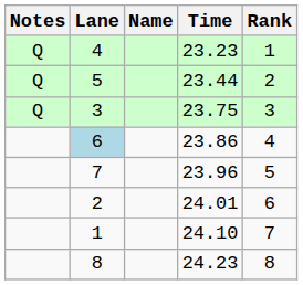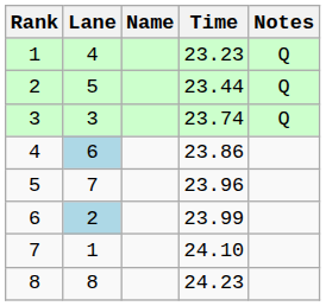 <table class="wikitable sortable" style="text-align:center">
 <tr>
-<th>Notes</th>
+<th>Rank</th>
 <th>Lane</th>
 <th>Name</th>
 <th>Time</th>
-<th>Rank</th>
+<th>Notes</th>
 </tr>
 <tr bgcolor=ccffcc>
-<td>Q</td>
+<td>1</td>
 <td>4</td>
 <td align=left></td>
 <td>23.23</td>
-<td>1</td>
+<td>Q</td>
 </tr>
 <tr bgcolor=ccffcc>
-<td>Q</td>
+<td>2</td>
 <td>5</td>
 <td align=left></td>
 <td>23.44</td>
-<td>2</td>
+<td>Q</td>
 </tr>
 <tr bgcolor=ccffcc>
-<td>Q</td>
+<td>3</td>
 <td>3</td>
 <td align=left></td>
-<td>23.75</td>
-<td>3</td>
+<td>23.74</td>
+<td>Q</td>
 </tr>
 <tr>
-<td></td>
+<td>4</td>
 <td style="background: lightblue;">6</td>
 <td align=left></td>
 <td>23.86</td>
-<td>4</td>
+<td></td>
 </tr>
 <tr>
-<td></td>
+<td>5</td>
 <td>7</td>
 <td align=left></td>
 <td>23.96</td>
-<td>5</td>
+<td></td>
 </tr>
 <tr>
+<td>6</td>
+<td style="background: lightblue;">2</td>
+<td align=left></td>
+<td>23.99</td>
 <td></td>
-<td>2</td>
-<td align=left></td>
-<td>24.01</td>
-<td>6</td>
 </tr>
 <tr>
-<td></td>
+<td>7</td>
 <td>1</td>
 <td align=left></td>
 <td>24.10</td>
-<td>7</td>
+<td></td>
 </tr>
 <tr>
-<td></td>
+<td>8</td>
 <td>8</td>
 <td align=left></td>
 <td>24.23</td>
-<td>8</td>
+<td></td>
 </tr>
 </table>
